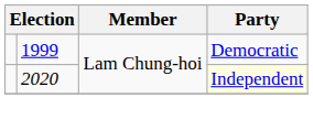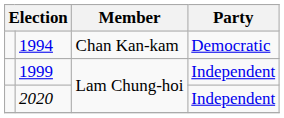 <table class="wikitable">
 <tr>
 <th colspan="2">Election</th>
 <th>Member</th>
 <th>Party</th>
 </tr>
 <tr>
 <td style="color:inherit;background:"></td>
-<td><a href='#'>1999</a></td>
-<td rowspan=2>Lam Chung-hoi</td>
+<td><a href='#'>1994</a></td>
+<td>Chan Kan-kam</td>
 <td><a href='#'>Democratic</a></td>
 </tr>
 <tr>
 <td style="color:inherit;background:"></td>
+<td><a href='#'>1999</a></td>
+<td rowspan=2>Lam Chung-hoi</td>
+<td><a href='#'>Independent</a></td>
+</tr>
+<tr>
+<td style="color:inherit;background:"></td>
 <td><em>2020</em></td>
-<td style="background: lightyellow;"><a href='#'>Independent</a></td>
+<td><a href='#'>Independent</a></td>
 </tr>
 <tr>
 </tr>
 </table>
